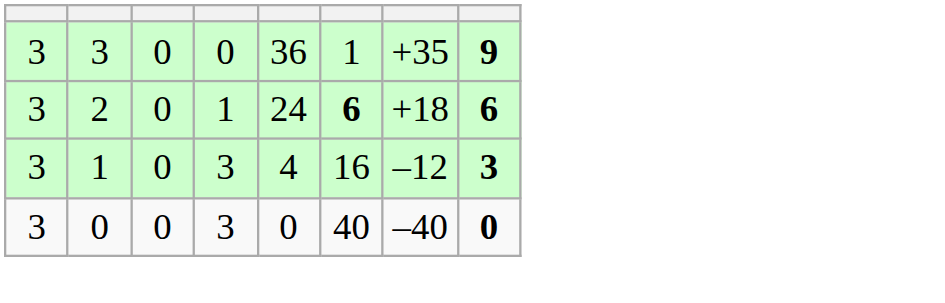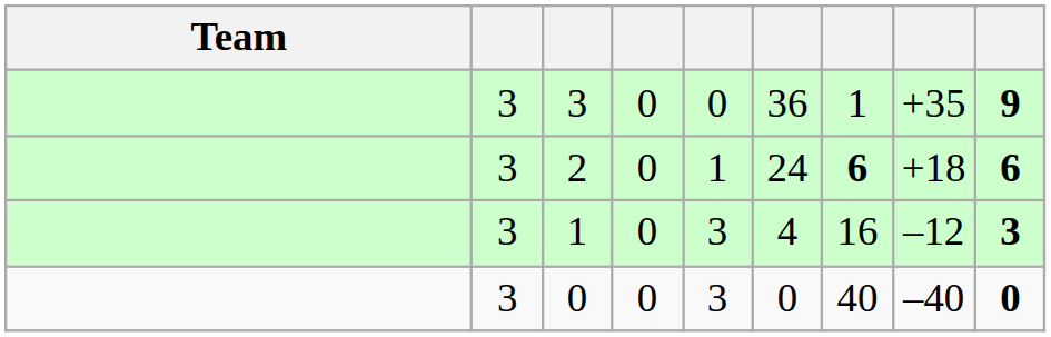 <table class="wikitable" style="text-align: center;">
 <tr>
+<th width="175">Team</th>
 <th width="20"></th>
 <th width="20"></th>
 <th width="20"></th>
 <th width="20"></th>
 <th width="20"></th>
 <th width="20"></th>
 <th width="20"></th>
 <th width="20"></th>
 </tr>
 <tr bgcolor=ccffcc>
+<td align=left></td>
 <td>3</td>
 <td>3</td>
 <td>0</td>
 <td>0</td>
 <td>36</td>
 <td>1</td>
 <td>+35</td>
 <td><strong>9</strong></td>
 </tr>
 <tr bgcolor=ccffcc>
+<td align=left></td>
 <td>3</td>
 <td>2</td>
 <td>0</td>
 <td>1</td>
 <td>24</td>
 <td><strong>6</strong></td>
 <td>+18</td>
 <td><strong>6</strong></td>
 </tr>
 <tr bgcolor=ccffcc>
+<td align=left></td>
 <td>3</td>
 <td>1</td>
 <td>0</td>
 <td>3</td>
 <td>4</td>
 <td>16</td>
 <td>–12</td>
 <td><strong>3</strong></td>
 </tr>
 <tr>
+<td align=left></td>
 <td>3</td>
 <td>0</td>
 <td>0</td>
 <td>3</td>
 <td>0</td>
 <td>40</td>
 <td>–40</td>
 <td><strong>0</strong></td>
 </tr>
 </table>
